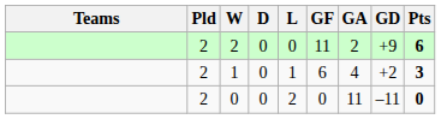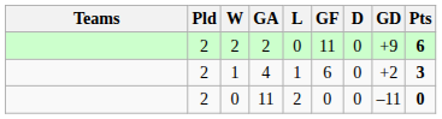 <table class="wikitable" style="text-align: center;">
 <tr>
 <th width=165>Teams</th>
 <th width=20>Pld</th>
 <th width=20>W</th>
-<th width=20>D</th>
+<th width=20>GA</th>
 <th width=20>L</th>
 <th width=20>GF</th>
-<th width=20>GA</th>
+<th width=20>D</th>
 <th width=20>GD</th>
 <th width=20>Pts</th>
 </tr>
 <tr align=center style="background:#ccffcc;">
 <td style="text-align:left;"></td>
 <td>2</td>
 <td>2</td>
-<td>0</td>
+<td>2</td>
 <td>0</td>
 <td>11</td>
-<td>2</td>
+<td>0</td>
 <td>+9</td>
 <td><strong>6</strong></td>
 </tr>
 <tr align=center>
 <td style="text-align:left;"></td>
 <td>2</td>
 <td>1</td>
-<td>0</td>
+<td>4</td>
 <td>1</td>
 <td>6</td>
-<td>4</td>
+<td>0</td>
 <td>+2</td>
 <td><strong>3</strong></td>
 </tr>
 <tr align=center>
 <td style="text-align:left;"></td>
 <td>2</td>
 <td>0</td>
-<td>0</td>
+<td>11</td>
 <td>2</td>
 <td>0</td>
-<td>11</td>
+<td>0</td>
 <td>–11</td>
 <td><strong>0</strong></td>
 </tr>
 </table>
